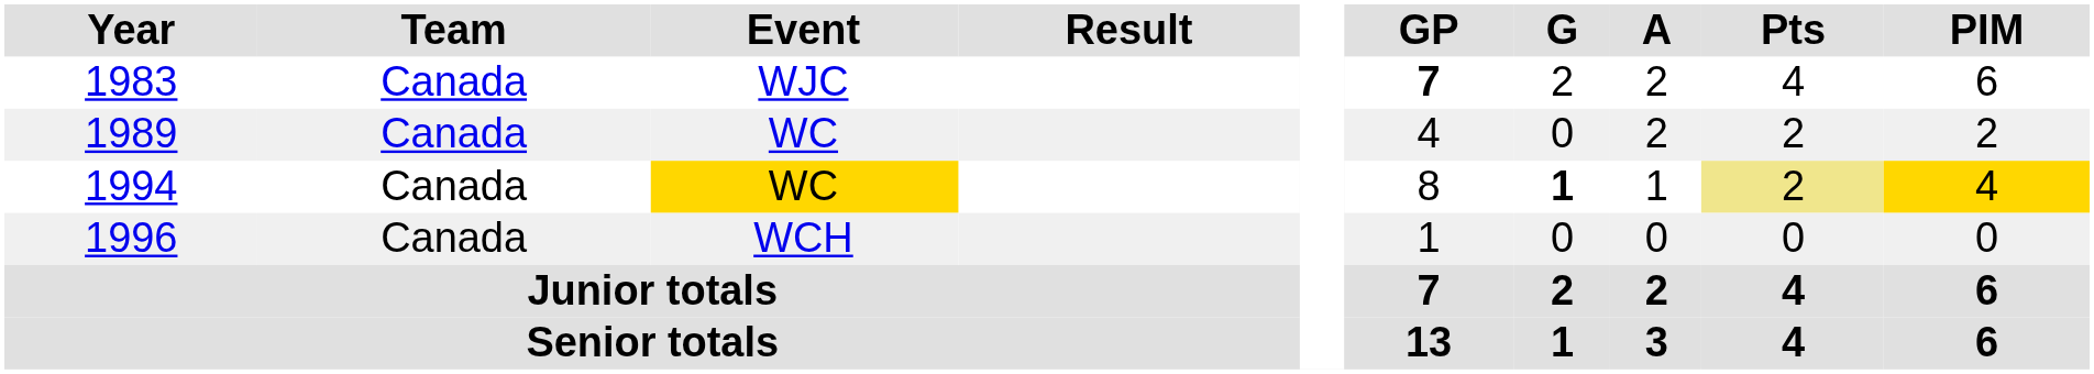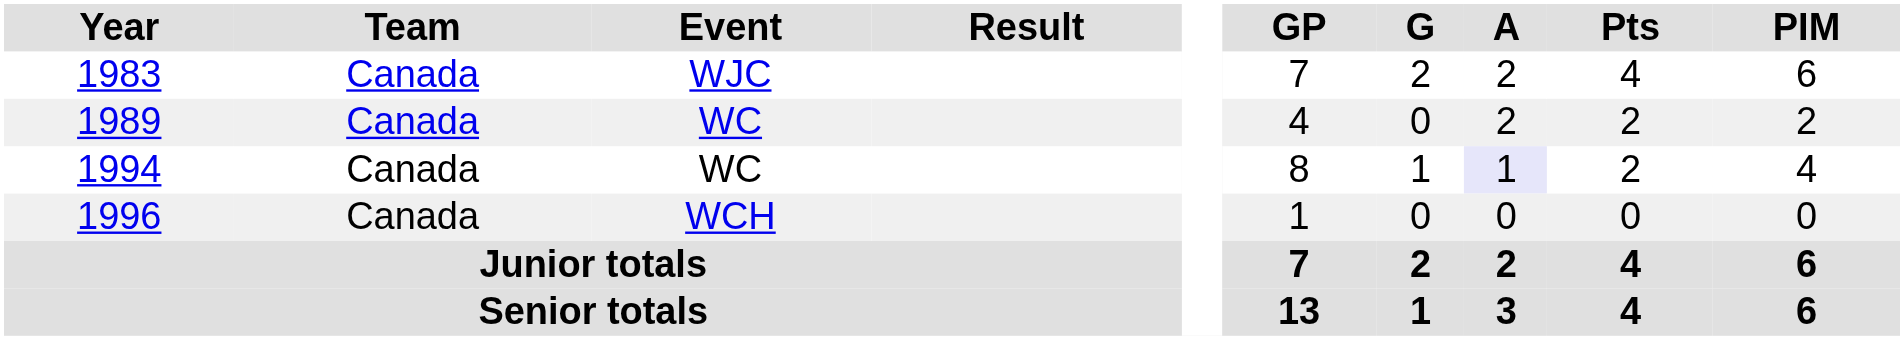 <table border="0" cellpadding="1" cellspacing="0" style="text-align:center; width:50em">
 <tr ALIGN="center" bgcolor="#e0e0e0">
 <th>Year</th>
 <th>Team</th>
 <th>Event</th>
 <th>Result</th>
 <th rowspan="99" bgcolor="#ffffff"> </th>
 <th>GP</th>
 <th>G</th>
 <th>A</th>
 <th>Pts</th>
 <th>PIM</th>
 </tr>
 <tr>
 <td><a href='#'>1983</a></td>
 <td><a href='#'>Canada</a></td>
 <td><a href='#'>WJC</a></td>
 <td></td>
-<td><strong>7</strong></td>
+<td>7</td>
 <td>2</td>
 <td>2</td>
 <td>4</td>
 <td>6</td>
 </tr>
 <tr bgcolor="#f0f0f0">
 <td><a href='#'>1989</a></td>
 <td><a href='#'>Canada</a></td>
 <td><a href='#'>WC</a></td>
 <td></td>
 <td>4</td>
 <td>0</td>
 <td>2</td>
 <td>2</td>
 <td>2</td>
 </tr>
 <tr>
 <td><a href='#'>1994</a></td>
 <td>Canada</td>
-<td style="background: gold;">WC</td>
+<td>WC</td>
 <td></td>
 <td>8</td>
-<td><strong>1</strong></td>
 <td>1</td>
-<td style="background: khaki;">2</td>
-<td style="background: gold;">4</td>
+<td style="background: lavender;">1</td>
+<td>2</td>
+<td>4</td>
 </tr>
 <tr bgcolor="#f0f0f0">
 <td><a href='#'>1996</a></td>
 <td>Canada</td>
 <td><a href='#'>WCH</a></td>
 <td></td>
 <td>1</td>
 <td>0</td>
 <td>0</td>
 <td>0</td>
 <td>0</td>
 </tr>
 <tr bgcolor="#e0e0e0">
 <th colspan=4>Junior totals</th>
 <th>7</th>
 <th>2</th>
 <th>2</th>
 <th>4</th>
 <th>6</th>
 </tr>
 <tr bgcolor="#e0e0e0">
 <th colspan=4>Senior totals</th>
 <th>13</th>
 <th>1</th>
 <th>3</th>
 <th>4</th>
 <th>6</th>
 </tr>
 </table>
